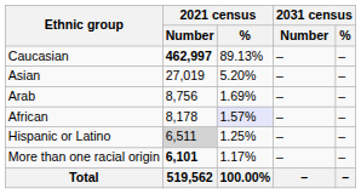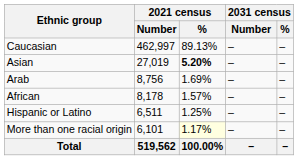 <table class="wikitable sortable">
 <tr>
 <th rowspan="2">Ethnic group</th>
 <th colspan="2">2021 census</th>
 <th colspan="2">2031 census</th>
 </tr>
 <tr>
 <th>Number</th>
 <th>%</th>
 <th>Number</th>
 <th>%</th>
 </tr>
 <tr>
 <td>Caucasian</td>
-<td><strong>462,997</strong></td>
+<td>462,997</td>
 <td>89.13%</td>
 <td>–</td>
 <td>–</td>
 </tr>
 <tr>
 <td>Asian</td>
 <td>27,019</td>
-<td>5.20%</td>
+<td><strong>5.20%</strong></td>
 <td>–</td>
 <td>–</td>
 </tr>
 <tr>
 <td>Arab</td>
 <td>8,756</td>
 <td>1.69%</td>
 <td>–</td>
 <td>–</td>
 </tr>
 <tr>
 <td>African</td>
 <td>8,178</td>
-<td style="background: lavender;">1.57%</td>
+<td>1.57%</td>
 <td>–</td>
 <td>–</td>
 </tr>
 <tr>
 <td>Hispanic or Latino</td>
-<td style="background: lightgrey;">6,511</td>
+<td>6,511</td>
 <td>1.25%</td>
 <td>–</td>
 <td>–</td>
 </tr>
 <tr>
 <td>More than one racial origin</td>
-<td><strong>6,101</strong></td>
-<td>1.17%</td>
+<td>6,101</td>
+<td style="background: lightyellow;">1.17%</td>
 <td>–</td>
 <td>–</td>
 </tr>
 <tr>
 <th>Total</th>
 <th>519,562</th>
 <th>100.00%</th>
 <th>–</th>
 <th>–</th>
 </tr>
 </table>
